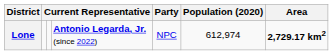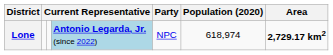 <table class="wikitable sortable" style="margin: 1em auto; font-size:100%; line-height:20px; text-align:center">
 <tr>
 <th>District</th>
 <th colspan="3">Current Representative</th>
 <th>Party</th>
 <th>Population (2020)</th>
 <th>Area</th>
 </tr>
 <tr>
 <th><a href='#'>Lone</a></th>
 <td style="background:"></td>
 <td></td>
-<td style="text-align:left;"><strong><a href='#'>Antonio Legarda, Jr.</a></strong><br><small>(since <a href='#'>2022</a>)</small></td>
+<td style="background: lightblue; text-align:left;"><strong><a href='#'>Antonio Legarda, Jr.</a></strong><br><small>(since <a href='#'>2022</a>)</small></td>
 <td><a href='#'>NPC</a></td>
-<td>612,974</td>
+<td>618,974</td>
 <td><strong>2,729.17 km<sup>2</sup></strong></td>
 </tr>
 </table>
